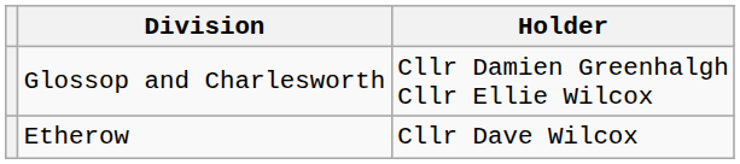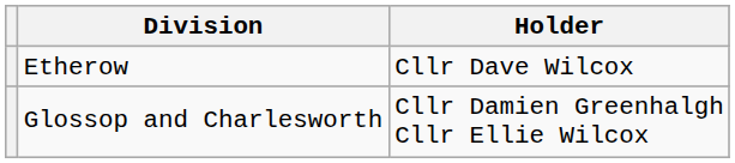 <table class="wikitable">
 <tr>
 <th></th>
 <th>Division</th>
 <th>Holder</th>
 </tr>
 <tr>
 <th style="background-color: "></th>
+<td>Etherow</td>
+<td>Cllr Dave Wilcox</td>
+</tr>
+<tr>
+<th style="background-color: "></th>
 <td>Glossop and Charlesworth</td>
 <td>Cllr Damien Greenhalgh<br>Cllr Ellie Wilcox</td>
 </tr>
-<tr>
-<th style="background-color: "></th>
-<td>Etherow</td>
-<td>Cllr Dave Wilcox</td>
-</tr>
 </table>
